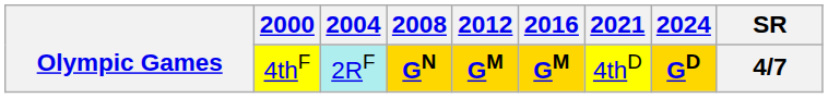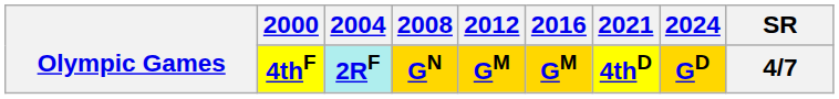 <table class="wikitable" style="text-align:center;font-size:97%">
 <tr>
 <th width="150" rowspan=2><br><a href='#'>Olympic Games</a></th>
 <th><a href='#'>2000</a></th>
 <th><a href='#'>2004</a></th>
 <th><a href='#'>2008</a></th>
 <th><a href='#'>2012</a></th>
 <th><a href='#'>2016</a></th>
 <th><a href='#'>2021</a></th>
 <th><a href='#'>2024</a></th>
 <th width="60">SR</th>
 </tr>
 <tr>
-<td style="background:yellow;"><a href='#'>4th</a><sup>F</sup></td>
-<td style="background-color:#afeeee"><a href='#'>2R</a><sup>F</sup></td>
+<td style="background:yellow;"><strong><a href='#'>4th</a><sup>F</sup></strong></td>
+<td style="background-color:#afeeee"><strong><a href='#'>2R</a><sup>F</sup></strong></td>
 <td style="background-color:Gold"><a href='#'><strong>G</strong></a><strong><sup>N</sup></strong></td>
 <td style="background-color:Gold"><a href='#'><strong>G</strong></a><strong><sup>M</sup></strong></td>
 <td style="background-color:Gold"><a href='#'><strong>G</strong></a><strong><sup>M</sup></strong></td>
-<td style="background:yellow;"><a href='#'>4th</a><sup>D</sup></td>
+<td style="background:yellow;"><strong><a href='#'>4th</a><sup>D</sup></strong></td>
 <td style="background-color:Gold"><a href='#'><strong>G</strong></a><strong><sup>D</sup></strong></td>
 <th>4/7</th>
 </tr>
 </table>
